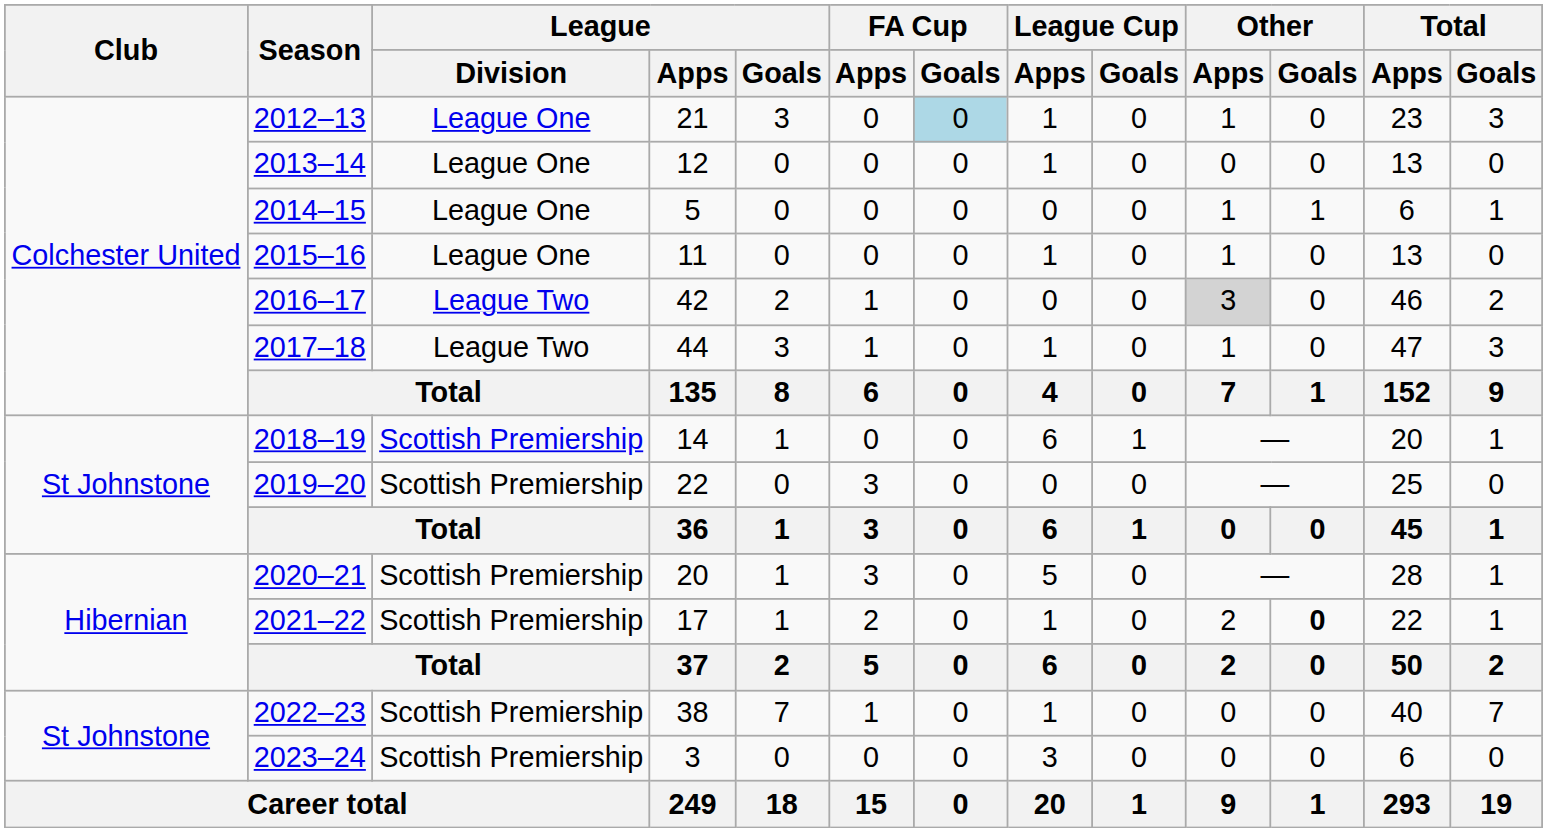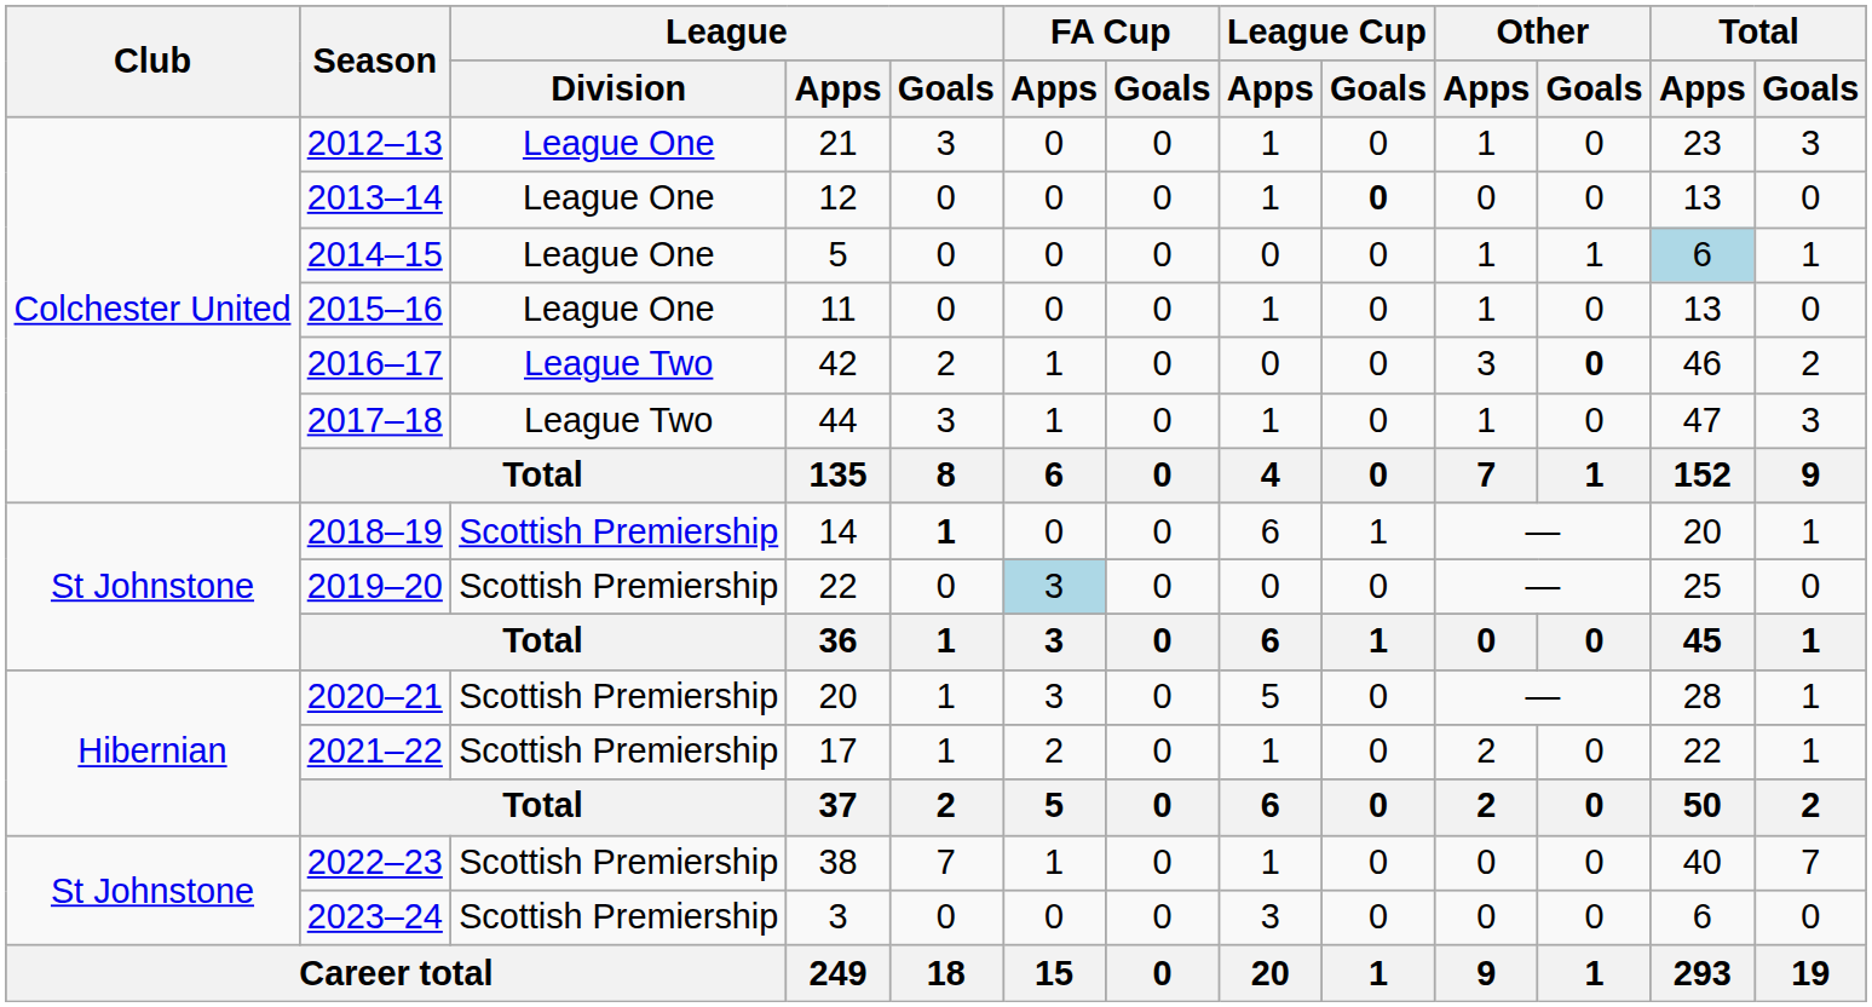 <table class=wikitable style="text-align: center;">
 <tr>
 <th rowspan=2>Club</th>
 <th rowspan=2>Season</th>
 <th colspan=3>League</th>
 <th colspan=2>FA Cup</th>
 <th colspan=2>League Cup</th>
 <th colspan=2>Other</th>
 <th colspan=2>Total</th>
 </tr>
 <tr>
 <th>Division</th>
 <th>Apps</th>
 <th>Goals</th>
 <th>Apps</th>
 <th>Goals</th>
 <th>Apps</th>
 <th>Goals</th>
 <th>Apps</th>
 <th>Goals</th>
 <th>Apps</th>
 <th>Goals</th>
 </tr>
 <tr>
 <td rowspan="7"><a href='#'>Colchester United</a></td>
 <td><a href='#'>2012–13</a></td>
 <td><a href='#'>League One</a></td>
 <td>21</td>
 <td>3</td>
 <td>0</td>
-<td style="background: lightblue;">0</td>
+<td>0</td>
 <td>1</td>
 <td>0</td>
 <td>1</td>
 <td>0</td>
 <td>23</td>
 <td>3</td>
 </tr>
 <tr>
 <td><a href='#'>2013–14</a></td>
 <td>League One</td>
 <td>12</td>
 <td>0</td>
 <td>0</td>
 <td>0</td>
 <td>1</td>
-<td>0</td>
+<td><strong>0</strong></td>
 <td>0</td>
 <td>0</td>
 <td>13</td>
 <td>0</td>
 </tr>
 <tr>
 <td><a href='#'>2014–15</a></td>
 <td>League One</td>
 <td>5</td>
 <td>0</td>
 <td>0</td>
 <td>0</td>
 <td>0</td>
 <td>0</td>
 <td>1</td>
 <td>1</td>
-<td>6</td>
+<td style="background: lightblue;">6</td>
 <td>1</td>
 </tr>
 <tr>
 <td><a href='#'>2015–16</a></td>
 <td>League One</td>
 <td>11</td>
 <td>0</td>
 <td>0</td>
 <td>0</td>
 <td>1</td>
 <td>0</td>
 <td>1</td>
 <td>0</td>
 <td>13</td>
 <td>0</td>
 </tr>
 <tr>
 <td><a href='#'>2016–17</a></td>
 <td><a href='#'>League Two</a></td>
 <td>42</td>
 <td>2</td>
 <td>1</td>
 <td>0</td>
 <td>0</td>
 <td>0</td>
-<td style="background: lightgrey;">3</td>
-<td>0</td>
+<td>3</td>
+<td><strong>0</strong></td>
 <td>46</td>
 <td>2</td>
 </tr>
 <tr>
 <td><a href='#'>2017–18</a></td>
 <td>League Two</td>
 <td>44</td>
 <td>3</td>
 <td>1</td>
 <td>0</td>
 <td>1</td>
 <td>0</td>
 <td>1</td>
 <td>0</td>
 <td>47</td>
 <td>3</td>
 </tr>
 <tr>
 <th colspan=2>Total</th>
 <th>135</th>
 <th>8</th>
 <th>6</th>
 <th>0</th>
 <th>4</th>
 <th>0</th>
 <th>7</th>
 <th>1</th>
 <th>152</th>
 <th>9</th>
 </tr>
 <tr>
 <td rowspan=3><a href='#'>St Johnstone</a></td>
 <td><a href='#'>2018–19</a></td>
 <td><a href='#'>Scottish Premiership</a></td>
 <td>14</td>
-<td>1</td>
+<td><strong>1</strong></td>
 <td>0</td>
 <td>0</td>
 <td>6</td>
 <td>1</td>
 <td colspan="2">—</td>
 <td>20</td>
 <td>1</td>
 </tr>
 <tr>
 <td><a href='#'>2019–20</a></td>
 <td>Scottish Premiership</td>
 <td>22</td>
 <td>0</td>
-<td>3</td>
+<td style="background: lightblue;">3</td>
 <td>0</td>
 <td>0</td>
 <td>0</td>
 <td colspan="2">—</td>
 <td>25</td>
 <td>0</td>
 </tr>
 <tr>
 <th colspan=2>Total</th>
 <th>36</th>
 <th>1</th>
 <th>3</th>
 <th>0</th>
 <th>6</th>
 <th>1</th>
 <th>0</th>
 <th>0</th>
 <th>45</th>
 <th>1</th>
 </tr>
 <tr>
 <td rowspan="3"><a href='#'>Hibernian</a></td>
 <td><a href='#'>2020–21</a></td>
 <td>Scottish Premiership</td>
 <td>20</td>
 <td>1</td>
 <td>3</td>
 <td>0</td>
 <td>5</td>
 <td>0</td>
 <td colspan="2">—</td>
 <td>28</td>
 <td>1</td>
 </tr>
 <tr>
 <td><a href='#'>2021–22</a></td>
 <td>Scottish Premiership</td>
 <td>17</td>
 <td>1</td>
 <td>2</td>
 <td>0</td>
 <td>1</td>
 <td>0</td>
 <td>2</td>
-<td><strong>0</strong></td>
+<td>0</td>
 <td>22</td>
 <td>1</td>
 </tr>
 <tr>
 <th colspan="2">Total</th>
 <th>37</th>
 <th>2</th>
 <th>5</th>
 <th>0</th>
 <th>6</th>
 <th>0</th>
 <th>2</th>
 <th>0</th>
 <th>50</th>
 <th>2</th>
 </tr>
 <tr>
 <td rowspan="2"><a href='#'>St Johnstone</a></td>
 <td><a href='#'>2022–23</a></td>
 <td>Scottish Premiership</td>
 <td>38</td>
 <td>7</td>
 <td>1</td>
 <td>0</td>
 <td>1</td>
 <td>0</td>
 <td>0</td>
 <td>0</td>
 <td>40</td>
 <td>7</td>
 </tr>
 <tr>
 <td><a href='#'>2023–24</a></td>
 <td>Scottish Premiership</td>
 <td>3</td>
 <td>0</td>
 <td>0</td>
 <td>0</td>
 <td>3</td>
 <td>0</td>
 <td>0</td>
 <td>0</td>
 <td>6</td>
 <td>0</td>
 </tr>
 <tr>
 <th colspan="3">Career total</th>
 <th>249</th>
 <th>18</th>
 <th>15</th>
 <th>0</th>
 <th>20</th>
 <th>1</th>
 <th>9</th>
 <th>1</th>
 <th>293</th>
 <th>19</th>
 </tr>
 </table>
